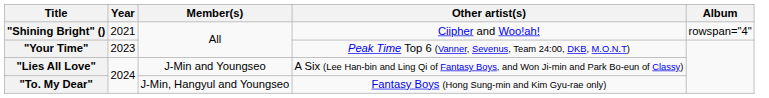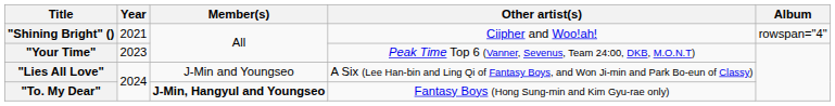 <table class="wikitable plainrowheaders" style="text-align:center">
 <tr>
 <th scope="col">Title</th>
 <th scope="col">Year</th>
 <th>Member(s)</th>
 <th>Other artist(s)</th>
 <th scope="col">Album</th>
 </tr>
 <tr>
 <th scope="row">"Shining Bright" ()</th>
 <td>2021</td>
 <td rowspan="2">All</td>
 <td><a href='#'>Ciipher</a> and <a href='#'>Woo!ah!</a></td>
 <td>rowspan="4" </td>
 </tr>
 <tr>
 <th scope="row">"Your Time"</th>
 <td>2023</td>
 <td><em><a href='#'>Peak Time</a></em> Top 6 <small>(<a href='#'>Vanner</a>, <a href='#'>Sevenus</a>, Team 24:00, <a href='#'>DKB</a>, <a href='#'>M.O.N.T</a>)</small></td>
 </tr>
 <tr>
 <th scope="row">"Lies All Love"</th>
 <td rowspan="2">2024</td>
 <td>J-Min and Youngseo</td>
 <td>A Six <small>(Lee Han-bin and Ling Qi of <a href='#'>Fantasy Boys</a>, and Won Ji-min and Park Bo-eun of <a href='#'>Classy</a>)</small></td>
 </tr>
 <tr>
 <th scope="row">"To. My Dear"</th>
-<td>J-Min, Hangyul and Youngseo</td>
+<td><strong>J-Min, Hangyul and Youngseo</strong></td>
 <td><a href='#'>Fantasy Boys</a> <small>(Hong Sung-min and Kim Gyu-rae only)</small></td>
 </tr>
 </table>
